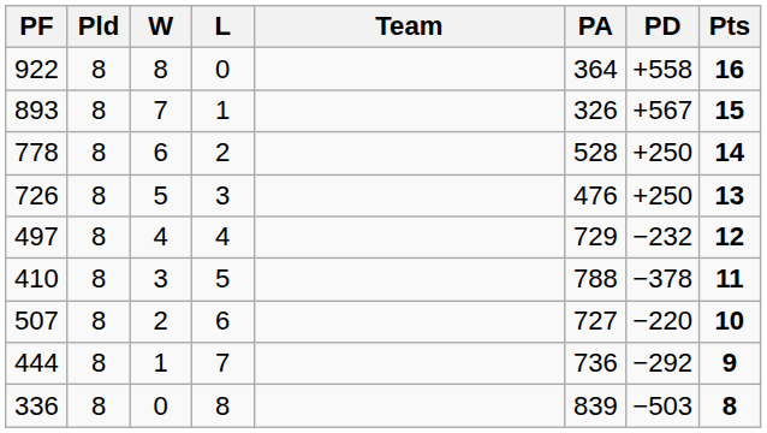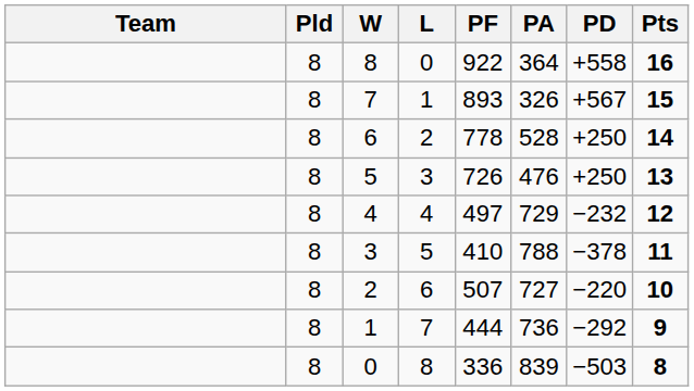 <table class=wikitable style="text-align:center">
 <tr>
-<th width=30>PF</th>
+<th width=180>Team</th>
 <th width=30>Pld</th>
 <th width=30>W</th>
 <th width=30>L</th>
-<th width=180>Team</th>
+<th width=30>PF</th>
 <th width=30>PA</th>
 <th width=30>PD</th>
 <th width=30>Pts</th>
 </tr>
 <tr>
-<td>922</td>
+<td align="left"></td>
 <td>8</td>
 <td>8</td>
 <td>0</td>
-<td align="left"></td>
+<td>922</td>
 <td>364</td>
 <td>+558</td>
 <td><strong>16</strong></td>
 </tr>
 <tr>
-<td>893</td>
+<td align="left"></td>
 <td>8</td>
 <td>7</td>
 <td>1</td>
-<td align="left"></td>
+<td>893</td>
 <td>326</td>
 <td>+567</td>
 <td><strong>15</strong></td>
 </tr>
 <tr>
-<td>778</td>
+<td align="left"></td>
 <td>8</td>
 <td>6</td>
 <td>2</td>
-<td align="left"></td>
+<td>778</td>
 <td>528</td>
 <td>+250</td>
 <td><strong>14</strong></td>
 </tr>
 <tr>
-<td>726</td>
+<td align="left"></td>
 <td>8</td>
 <td>5</td>
 <td>3</td>
-<td align="left"></td>
+<td>726</td>
 <td>476</td>
 <td>+250</td>
 <td><strong>13</strong></td>
 </tr>
 <tr>
-<td>497</td>
+<td align="left"></td>
 <td>8</td>
 <td>4</td>
 <td>4</td>
-<td align="left"></td>
+<td>497</td>
 <td>729</td>
 <td>−232</td>
 <td><strong>12</strong></td>
 </tr>
 <tr>
-<td>410</td>
+<td align="left"></td>
 <td>8</td>
 <td>3</td>
 <td>5</td>
-<td align="left"></td>
+<td>410</td>
 <td>788</td>
 <td>−378</td>
 <td><strong>11</strong></td>
 </tr>
 <tr>
-<td>507</td>
+<td align="left"></td>
 <td>8</td>
 <td>2</td>
 <td>6</td>
-<td align="left"></td>
+<td>507</td>
 <td>727</td>
 <td>−220</td>
 <td><strong>10</strong></td>
 </tr>
 <tr>
-<td>444</td>
+<td align="left"></td>
 <td>8</td>
 <td>1</td>
 <td>7</td>
-<td align="left"></td>
+<td>444</td>
 <td>736</td>
 <td>−292</td>
 <td><strong>9</strong></td>
 </tr>
 <tr>
-<td>336</td>
+<td align="left"></td>
 <td>8</td>
 <td>0</td>
 <td>8</td>
-<td align="left"></td>
+<td>336</td>
 <td>839</td>
 <td>−503</td>
 <td><strong>8</strong></td>
 </tr>
 </table>
